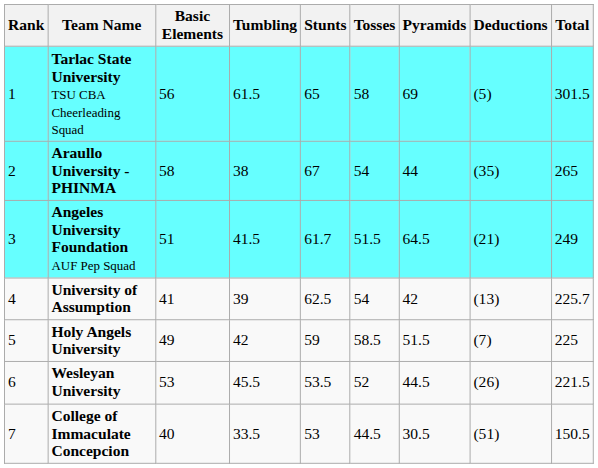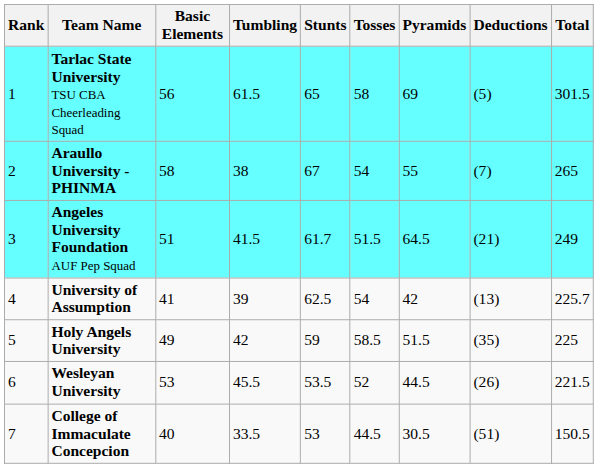 <table class="wikitable" style="text align: center">
 <tr bgcolor="#efefef">
 <th>Rank</th>
 <th>Team Name</th>
 <th>Basic Elements</th>
 <th>Tumbling</th>
 <th>Stunts</th>
 <th>Tosses</th>
 <th>Pyramids</th>
 <th>Deductions</th>
 <th>Total</th>
 </tr>
 <tr bgcolor="66FFFF">
 <td>1</td>
 <td><strong> Tarlac State University </strong> <br> <small> TSU CBA Cheerleading Squad</small></td>
 <td>56</td>
 <td>61.5</td>
 <td>65</td>
 <td>58</td>
 <td>69</td>
 <td>(5)</td>
 <td>301.5</td>
 </tr>
 <tr bgcolor="66FFFF">
 <td>2</td>
 <td><strong> Araullo University - PHINMA</strong> <br> <small> </small></td>
 <td>58</td>
 <td>38</td>
 <td>67</td>
 <td>54</td>
-<td>44</td>
-<td>(35)</td>
+<td>55</td>
+<td>(7)</td>
 <td>265</td>
 </tr>
 <tr bgcolor="66FFFF">
 <td>3</td>
 <td><strong> Angeles University Foundation </strong> <br> <small> AUF Pep Squad </small></td>
 <td>51</td>
 <td>41.5</td>
 <td>61.7</td>
 <td>51.5</td>
 <td>64.5</td>
 <td>(21)</td>
 <td>249</td>
 </tr>
 <tr>
 <td>4</td>
 <td><strong>University of Assumption</strong> <br> <small> </small></td>
 <td>41</td>
 <td>39</td>
 <td>62.5</td>
 <td>54</td>
 <td>42</td>
 <td>(13)</td>
 <td>225.7</td>
 </tr>
 <tr>
 <td>5</td>
 <td><strong>Holy Angels University</strong> <br> <small> </small></td>
 <td>49</td>
 <td>42</td>
 <td>59</td>
 <td>58.5</td>
 <td>51.5</td>
-<td>(7)</td>
+<td>(35)</td>
 <td>225</td>
 </tr>
 <tr>
 <td>6</td>
 <td><strong>Wesleyan University</strong> <br> <small> </small></td>
 <td>53</td>
 <td>45.5</td>
 <td>53.5</td>
 <td>52</td>
 <td>44.5</td>
 <td>(26)</td>
 <td>221.5</td>
 </tr>
 <tr>
 <td>7</td>
 <td><strong>College of Immaculate Concepcion</strong> <br> <small> </small></td>
 <td>40</td>
 <td>33.5</td>
 <td>53</td>
 <td>44.5</td>
 <td>30.5</td>
 <td>(51)</td>
 <td>150.5</td>
 </tr>
 </table>
